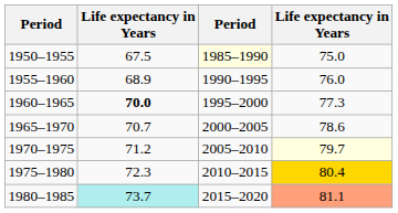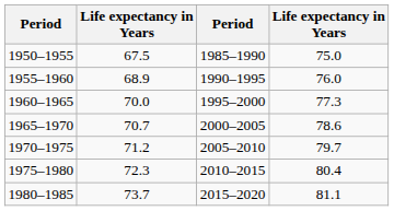 <table class="wikitable" style="text-align:center">
 <tr>
 <th>Period</th>
 <th>Life expectancy in<br>Years</th>
 <th>Period</th>
 <th>Life expectancy in<br>Years</th>
 </tr>
 <tr>
 <td>1950–1955</td>
 <td>67.5</td>
-<td style="background: lightyellow;">1985–1990</td>
+<td>1985–1990</td>
 <td>75.0</td>
 </tr>
 <tr>
 <td>1955–1960</td>
 <td>68.9</td>
 <td>1990–1995</td>
 <td>76.0</td>
 </tr>
 <tr>
 <td>1960–1965</td>
-<td><strong>70.0</strong></td>
+<td>70.0</td>
 <td>1995–2000</td>
 <td>77.3</td>
 </tr>
 <tr>
 <td>1965–1970</td>
 <td>70.7</td>
 <td>2000–2005</td>
 <td>78.6</td>
 </tr>
 <tr>
 <td>1970–1975</td>
 <td>71.2</td>
 <td>2005–2010</td>
-<td style="background: lightyellow;">79.7</td>
+<td>79.7</td>
 </tr>
 <tr>
 <td>1975–1980</td>
 <td>72.3</td>
 <td>2010–2015</td>
-<td style="background: gold;">80.4</td>
+<td>80.4</td>
 </tr>
 <tr>
 <td>1980–1985</td>
-<td style="background: paleturquoise;">73.7</td>
+<td>73.7</td>
 <td>2015–2020</td>
-<td style="background: lightsalmon;">81.1</td>
+<td>81.1</td>
 </tr>
 </table>
